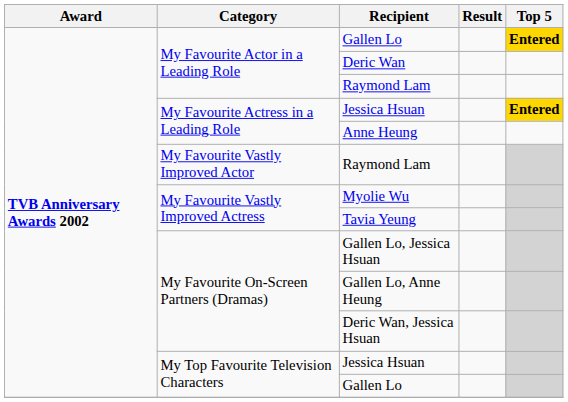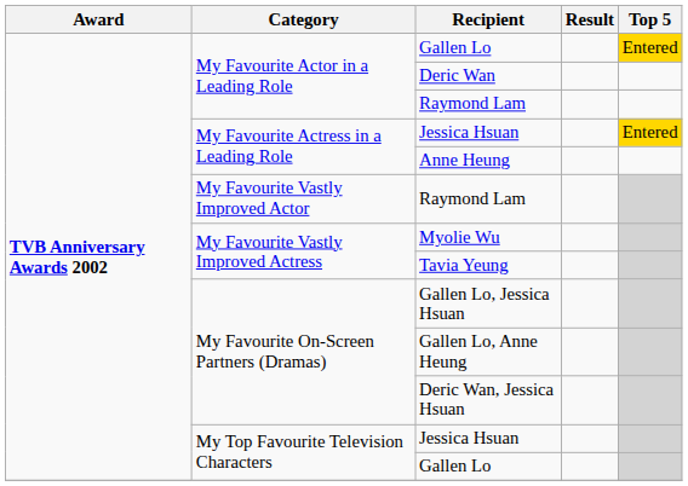 <table class="wikitable">
 <tr>
 <th>Award</th>
 <th>Category</th>
 <th>Recipient</th>
 <th>Result</th>
 <th>Top 5</th>
 </tr>
 <tr>
 <td rowspan=13><strong><a href='#'>TVB Anniversary Awards</a> 2002</strong></td>
 <td rowspan=3><a href='#'>My Favourite Actor in a Leading Role</a></td>
 <td><a href='#'>Gallen Lo</a></td>
 <td></td>
-<td td style="background:gold; text-align:center;"><strong>Entered</strong></td>
+<td td style="background:gold; text-align:center;">Entered</td>
 </tr>
 <tr>
 <td><a href='#'>Deric Wan</a></td>
 <td></td>
 <td></td>
 </tr>
 <tr>
 <td><a href='#'>Raymond Lam</a></td>
 <td></td>
 <td></td>
 </tr>
 <tr>
 <td rowspan=2><a href='#'>My Favourite Actress in a Leading Role</a></td>
 <td><a href='#'>Jessica Hsuan</a></td>
 <td></td>
-<td td style="background:gold; text-align:center;"><strong>Entered</strong></td>
+<td td style="background:gold; text-align:center;">Entered</td>
 </tr>
 <tr>
 <td><a href='#'>Anne Heung</a></td>
 <td></td>
 <td></td>
 </tr>
 <tr>
 <td><a href='#'>My Favourite Vastly Improved Actor</a></td>
 <td>Raymond Lam</td>
 <td></td>
 <td style="background:lightgrey;"> </td>
 </tr>
 <tr>
 <td rowspan=2><a href='#'>My Favourite Vastly Improved Actress</a></td>
 <td><a href='#'>Myolie Wu</a></td>
 <td></td>
 <td style="background:lightgrey;"> </td>
 </tr>
 <tr>
 <td><a href='#'>Tavia Yeung</a></td>
 <td></td>
 <td style="background:lightgrey;"> </td>
 </tr>
 <tr>
 <td rowspan=3>My Favourite On-Screen Partners (Dramas)</td>
 <td>Gallen Lo, Jessica Hsuan</td>
 <td></td>
 <td style="background:lightgrey;"> </td>
 </tr>
 <tr>
 <td>Gallen Lo, Anne Heung</td>
 <td></td>
 <td style="background:lightgrey;"> </td>
 </tr>
 <tr>
 <td>Deric Wan, Jessica Hsuan</td>
 <td></td>
 <td style="background:lightgrey;"> </td>
 </tr>
 <tr>
 <td rowspan=2>My Top Favourite Television Characters</td>
 <td>Jessica Hsuan</td>
 <td></td>
 <td style="background:lightgrey;"> </td>
 </tr>
 <tr>
 <td>Gallen Lo</td>
 <td></td>
 <td style="background:lightgrey;"> </td>
 </tr>
 <tr>
 </tr>
 </table>
